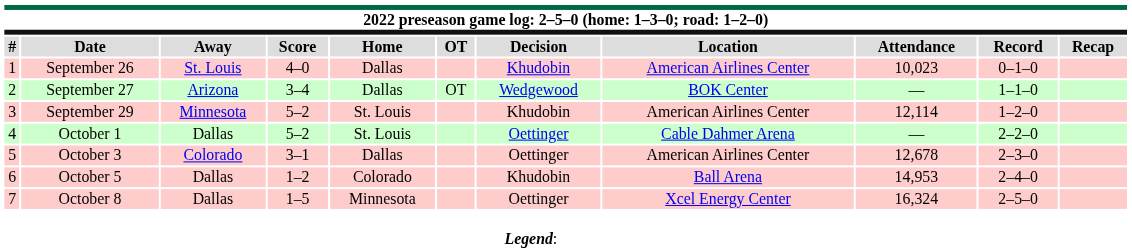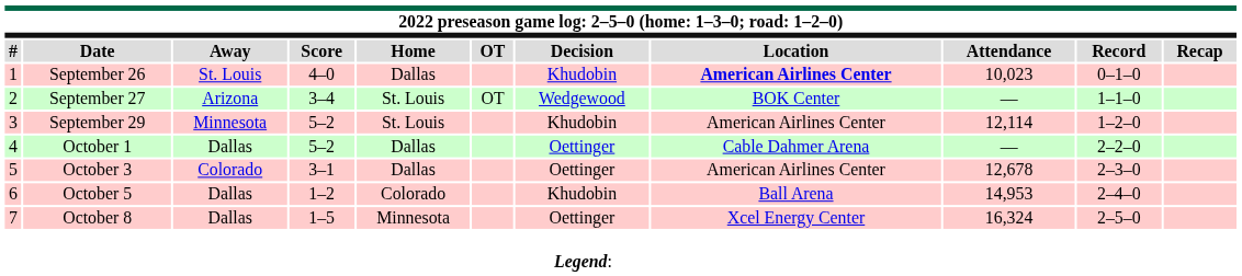 <table class="toccolours collapsible collapsed" style="width:90%; clear:both; margin:1.5em auto; text-align:center;">
 <tr>
 <th colspan="11" style="background:#FFFFFF; border-top:#006847 5px solid; border-bottom:#111111 5px solid;">2022 preseason game log: 2–5–0 (home: 1–3–0; road: 1–2–0)</th>
 </tr>
 <tr style="background:#ddd;">
 <th>#</th>
 <th>Date</th>
 <th>Away</th>
 <th>Score</th>
 <th>Home</th>
 <th>OT</th>
 <th>Decision</th>
 <th>Location</th>
 <th>Attendance</th>
 <th>Record</th>
 <th>Recap</th>
 </tr>
 <tr style="background:#fcc;">
 <td>1</td>
 <td>September 26</td>
 <td><a href='#'>St. Louis</a></td>
 <td>4–0</td>
 <td>Dallas</td>
 <td></td>
 <td><a href='#'>Khudobin</a></td>
-<td><a href='#'>American Airlines Center</a></td>
+<td><strong><a href='#'>American Airlines Center</a></strong></td>
 <td>10,023</td>
 <td>0–1–0</td>
 <td></td>
 </tr>
 <tr style="background:#cfc;">
 <td>2</td>
 <td>September 27</td>
 <td><a href='#'>Arizona</a></td>
 <td>3–4</td>
-<td>Dallas</td>
+<td>St. Louis</td>
 <td>OT</td>
 <td><a href='#'>Wedgewood</a></td>
 <td><a href='#'>BOK Center</a></td>
 <td>—</td>
 <td>1–1–0</td>
 <td></td>
 </tr>
 <tr style="background:#fcc;">
 <td>3</td>
 <td>September 29</td>
 <td><a href='#'>Minnesota</a></td>
 <td>5–2</td>
 <td>St. Louis</td>
 <td></td>
 <td>Khudobin</td>
 <td>American Airlines Center</td>
 <td>12,114</td>
 <td>1–2–0</td>
 <td></td>
 </tr>
 <tr style="background:#cfc;">
 <td>4</td>
 <td>October 1</td>
 <td>Dallas</td>
 <td>5–2</td>
-<td>St. Louis</td>
+<td>Dallas</td>
 <td></td>
 <td><a href='#'>Oettinger</a></td>
 <td><a href='#'>Cable Dahmer Arena</a></td>
 <td>—</td>
 <td>2–2–0</td>
 <td></td>
 </tr>
 <tr style="background:#fcc;">
 <td>5</td>
 <td>October 3</td>
 <td><a href='#'>Colorado</a></td>
 <td>3–1</td>
 <td>Dallas</td>
 <td></td>
 <td>Oettinger</td>
 <td>American Airlines Center</td>
 <td>12,678</td>
 <td>2–3–0</td>
 <td></td>
 </tr>
 <tr style="background:#fcc;">
 <td>6</td>
 <td>October 5</td>
 <td>Dallas</td>
 <td>1–2</td>
 <td>Colorado</td>
 <td></td>
 <td>Khudobin</td>
 <td><a href='#'>Ball Arena</a></td>
 <td>14,953</td>
 <td>2–4–0</td>
 <td></td>
 </tr>
 <tr style="background:#fcc;">
 <td>7</td>
 <td>October 8</td>
 <td>Dallas</td>
 <td>1–5</td>
 <td>Minnesota</td>
 <td></td>
 <td>Oettinger</td>
 <td><a href='#'>Xcel Energy Center</a></td>
 <td>16,324</td>
 <td>2–5–0</td>
 <td></td>
 </tr>
 <tr>
 <td colspan="10" style="text-align:center;"><br><strong><em>Legend</em></strong>:   </td>
 </tr>
 </table>
